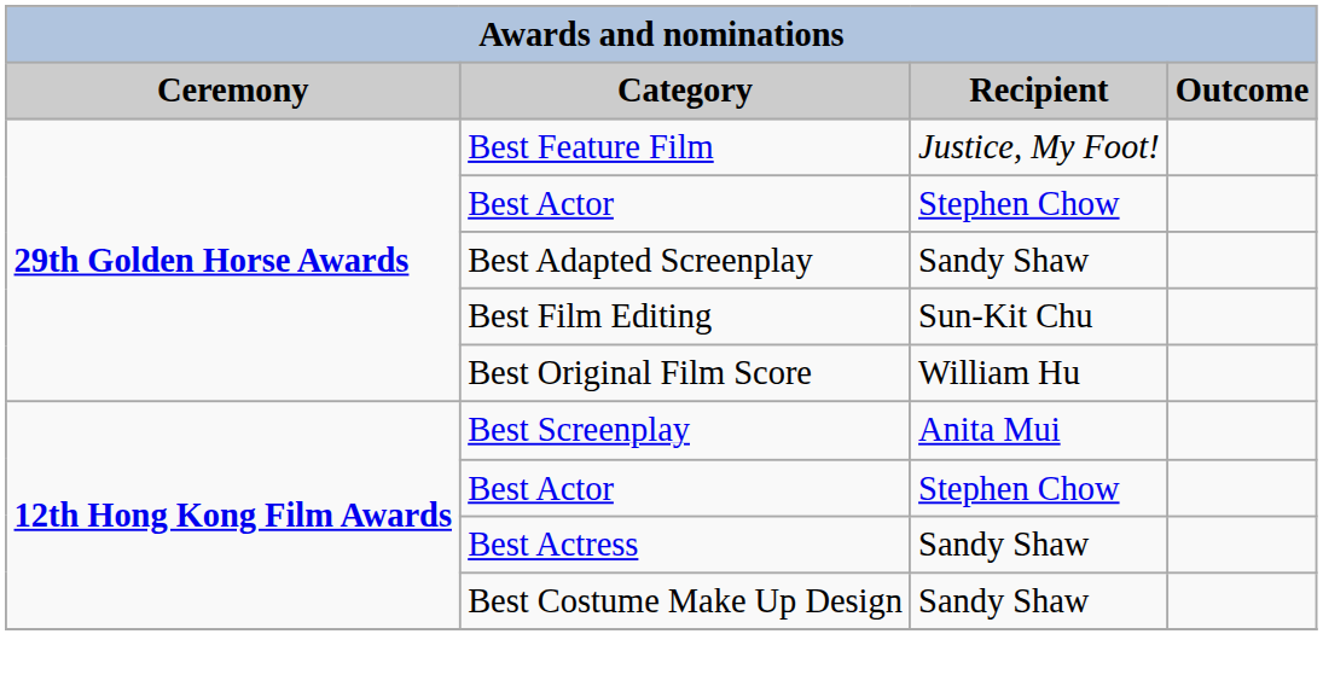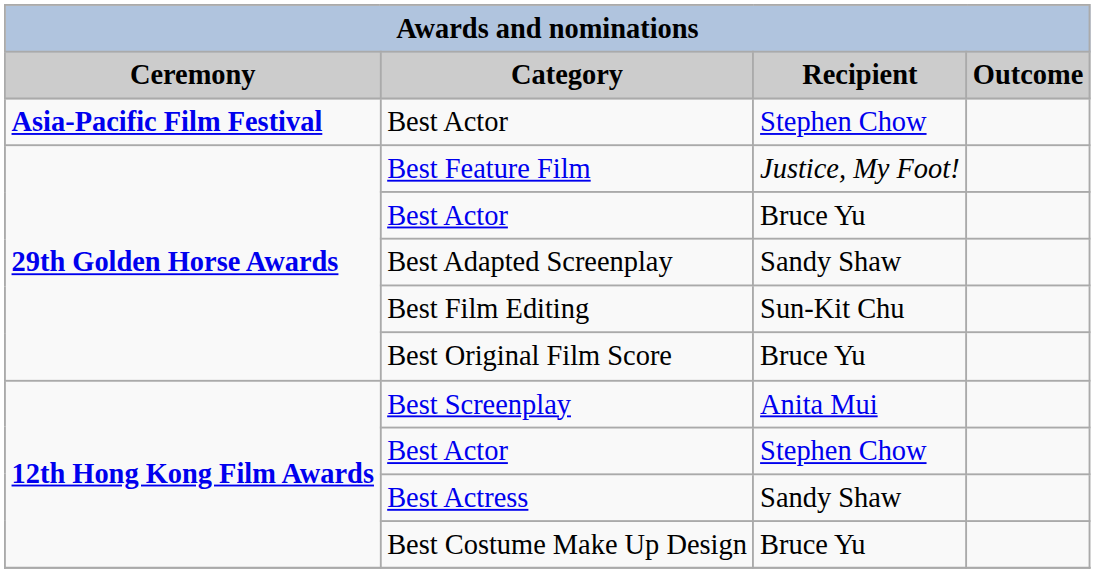 <table class="wikitable" style="font-size:95%;" ;>
 <tr style="background:#ccc; text-align:center;">
 <th colspan="4" style="background: LightSteelBlue;">Awards and nominations</th>
 </tr>
 <tr style="background:#ccc; text-align:center;">
 <th style="background:#ccc">Ceremony</th>
 <th style="background:#ccc">Category</th>
 <th style="background:#ccc">Recipient</th>
 <th style="background:#ccc">Outcome</th>
 </tr>
 <tr>
+<td rowspan=1><strong><a href='#'>Asia-Pacific Film Festival</a></strong></td>
+<td>Best Actor</td>
+<td><a href='#'>Stephen Chow</a></td>
+<td></td>
+</tr>
+<tr>
 <td rowspan=5><strong><a href='#'>29th Golden Horse Awards</a></strong></td>
 <td><a href='#'>Best Feature Film</a></td>
 <td><em>Justice, My Foot!</em></td>
 <td></td>
 </tr>
 <tr>
 <td><a href='#'>Best Actor</a></td>
-<td><a href='#'>Stephen Chow</a></td>
+<td>Bruce Yu</td>
 <td></td>
 </tr>
 <tr>
 <td>Best Adapted Screenplay</td>
 <td>Sandy Shaw</td>
 <td></td>
 </tr>
 <tr>
 <td>Best Film Editing</td>
 <td>Sun-Kit Chu</td>
 <td></td>
 </tr>
 <tr>
 <td>Best Original Film Score</td>
-<td>William Hu</td>
+<td>Bruce Yu</td>
 <td></td>
 </tr>
 <tr>
 <td rowspan=4><strong><a href='#'>12th Hong Kong Film Awards</a></strong></td>
 <td><a href='#'>Best Screenplay</a></td>
 <td><a href='#'>Anita Mui</a></td>
 <td></td>
 </tr>
 <tr>
 <td><a href='#'>Best Actor</a></td>
 <td><a href='#'>Stephen Chow</a></td>
 <td></td>
 </tr>
 <tr>
 <td><a href='#'>Best Actress</a></td>
 <td>Sandy Shaw</td>
 <td></td>
 </tr>
 <tr>
 <td>Best Costume Make Up Design</td>
-<td>Sandy Shaw</td>
+<td>Bruce Yu</td>
 <td></td>
 </tr>
 <tr>
 </tr>
 </table>
